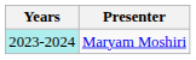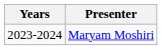 <table class="wikitable">
 <tr>
 <th>Years</th>
 <th>Presenter</th>
 </tr>
 <tr>
-<td style="background: paleturquoise;">2023-2024</td>
+<td>2023-2024</td>
 <td><a href='#'>Maryam Moshiri</a></td>
 </tr>
 </table>
